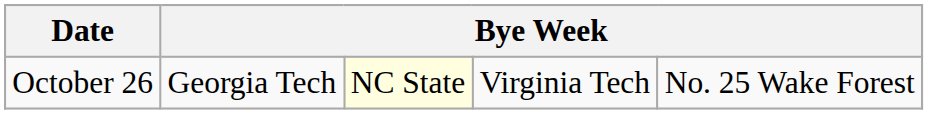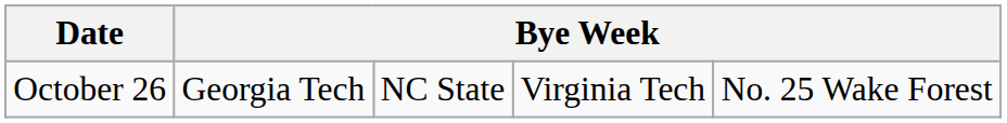 <table class="wikitable" style="font-size:95%;">
 <tr>
 <th>Date</th>
 <th colspan="4">Bye Week</th>
 </tr>
 <tr>
 <td>October 26</td>
 <td>Georgia Tech</td>
-<td style="background: lightyellow;">NC State</td>
+<td>NC State</td>
 <td>Virginia Tech</td>
 <td>No. 25 Wake Forest</td>
 </tr>
 </table>
